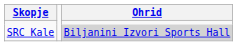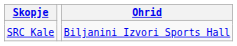 <table class="wikitable" style="text-align:center;">
 <tr>
 <th><a href='#'>Skopje</a><br> </th>
 <td rowspan="3"></td>
 <th><a href='#'>Ohrid</a><br>  </th>
 </tr>
 <tr>
 <td style="border:none;"></td>
 <td style="border:none;"></td>
 </tr>
 <tr>
 <td style="border-top:none;"><a href='#'>SRC Kale</a><br></td>
-<td style="background: lightgrey; border-top:none;"><a href='#'>Biljanini Izvori Sports Hall</a><br></td>
+<td style="border-top:none;"><a href='#'>Biljanini Izvori Sports Hall</a><br></td>
 </tr>
 </table>
